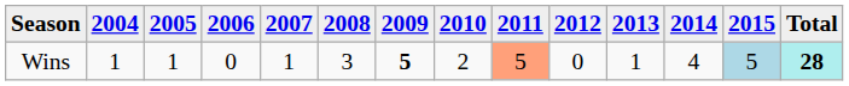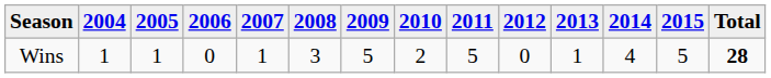 <table class="wikitable">
 <tr style=background:#efefef;font-weight:bold>
 <td>Season</td>
 <td><a href='#'>2004</a></td>
 <td><a href='#'>2005</a></td>
 <td><a href='#'>2006</a></td>
 <td><a href='#'>2007</a></td>
 <td><a href='#'>2008</a></td>
 <td><a href='#'>2009</a></td>
 <td><a href='#'>2010</a></td>
 <td><a href='#'>2011</a></td>
 <td><a href='#'>2012</a></td>
 <td><a href='#'>2013</a></td>
 <td><a href='#'>2014</a></td>
 <td><a href='#'>2015</a></td>
 <td><strong>Total</strong></td>
 </tr>
 <tr align=center>
 <td>Wins</td>
 <td>1</td>
 <td>1</td>
 <td>0</td>
 <td>1</td>
 <td>3</td>
-<td><strong>5</strong></td>
+<td>5</td>
 <td>2</td>
-<td style="background: lightsalmon;">5</td>
+<td>5</td>
 <td>0</td>
 <td>1</td>
 <td>4</td>
-<td style="background: lightblue;">5</td>
-<td style="background: paleturquoise;"><strong>28</strong></td>
+<td>5</td>
+<td><strong>28</strong></td>
 </tr>
 </table>
